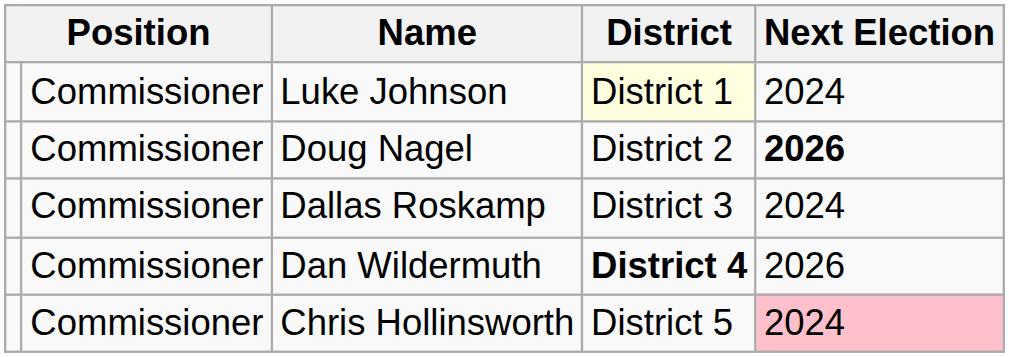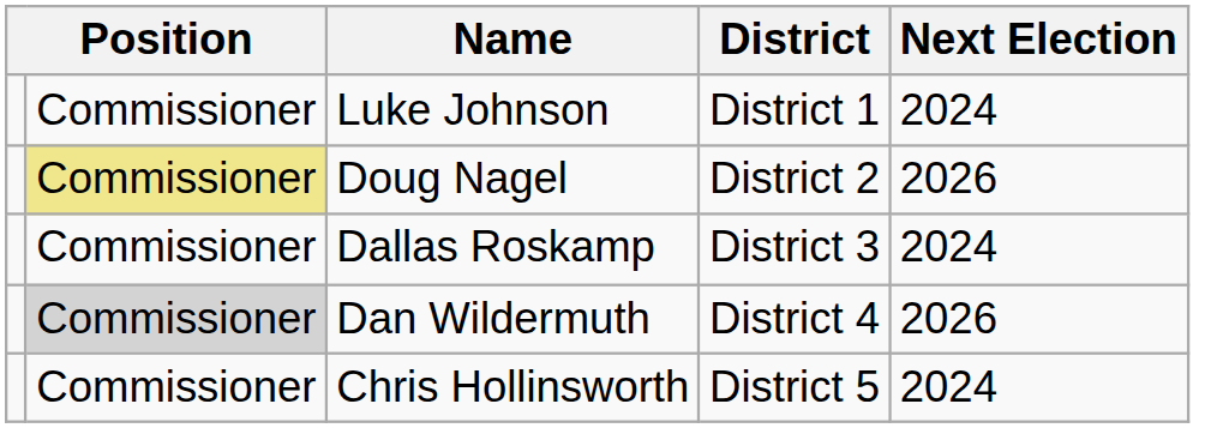 <table class="wikitable">
 <tr>
 <th colspan="2">Position</th>
 <th>Name</th>
 <th>District</th>
 <th>Next Election</th>
 </tr>
 <tr>
 <td></td>
 <td>Commissioner</td>
 <td>Luke Johnson</td>
-<td style="background: lightyellow;">District 1</td>
+<td>District 1</td>
 <td>2024</td>
 </tr>
 <tr>
 <td></td>
-<td>Commissioner</td>
+<td style="background: khaki;">Commissioner</td>
 <td>Doug Nagel</td>
 <td>District 2</td>
-<td><strong>2026</strong></td>
+<td>2026</td>
 </tr>
 <tr>
 <td></td>
 <td>Commissioner</td>
 <td>Dallas Roskamp</td>
 <td>District 3</td>
 <td>2024</td>
 </tr>
 <tr>
 <td></td>
-<td>Commissioner</td>
+<td style="background: lightgrey;">Commissioner</td>
 <td>Dan Wildermuth</td>
-<td><strong>District 4</strong></td>
+<td>District 4</td>
 <td>2026</td>
 </tr>
 <tr>
 <td></td>
 <td>Commissioner</td>
 <td>Chris Hollinsworth</td>
 <td>District 5</td>
-<td style="background: pink;">2024</td>
+<td>2024</td>
 </tr>
 </table>
